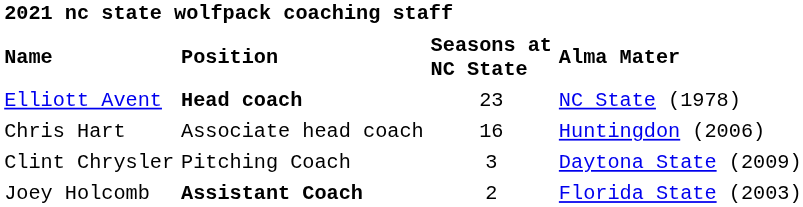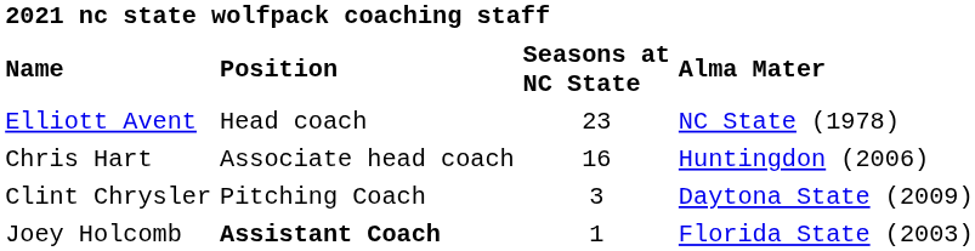 <table class="toccolours" style="text-align: left; font-size:90%;">
 <tr>
 <th colspan="9">2021 nc state wolfpack coaching staff</th>
 </tr>
 <tr>
 <th>Name</th>
 <th>Position</th>
 <th>Seasons at<br>NC State</th>
 <th>Alma Mater</th>
 </tr>
 <tr>
 <td><a href='#'>Elliott Avent</a></td>
-<td><strong>Head coach</strong></td>
+<td>Head coach</td>
 <td align=center>23</td>
 <td><a href='#'>NC State</a> (1978)</td>
 </tr>
 <tr>
 <td>Chris Hart</td>
 <td>Associate head coach</td>
 <td align=center>16</td>
 <td><a href='#'>Huntingdon</a> (2006)</td>
 </tr>
 <tr>
 <td>Clint Chrysler</td>
 <td>Pitching Coach</td>
 <td align=center>3</td>
 <td><a href='#'>Daytona State</a> (2009)</td>
 </tr>
 <tr>
 <td>Joey Holcomb</td>
 <td><strong>Assistant Coach</strong></td>
-<td align=center>2</td>
+<td align=center>1</td>
 <td><a href='#'>Florida State</a> (2003)</td>
 </tr>
 </table>
